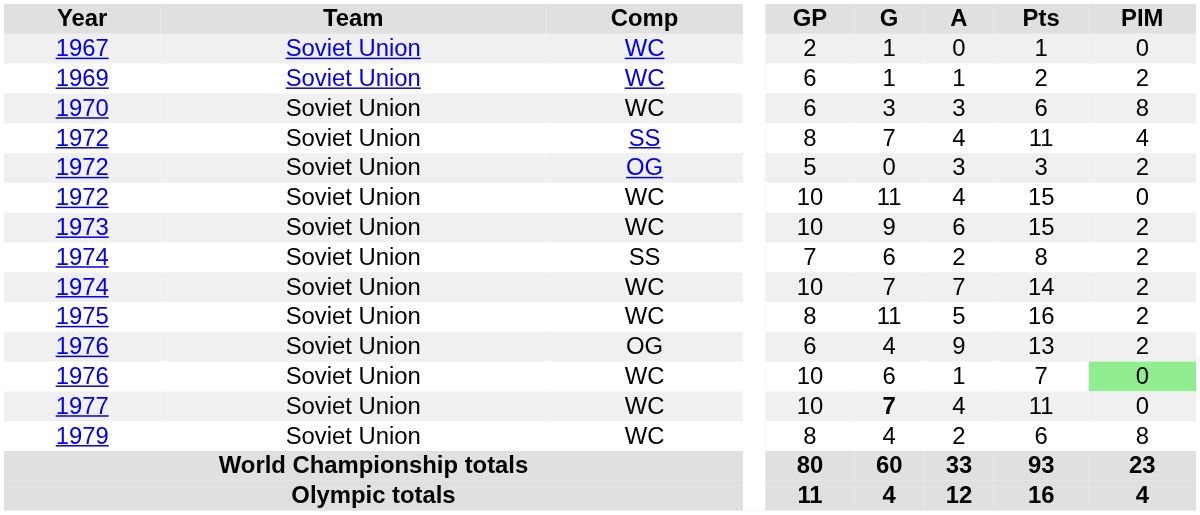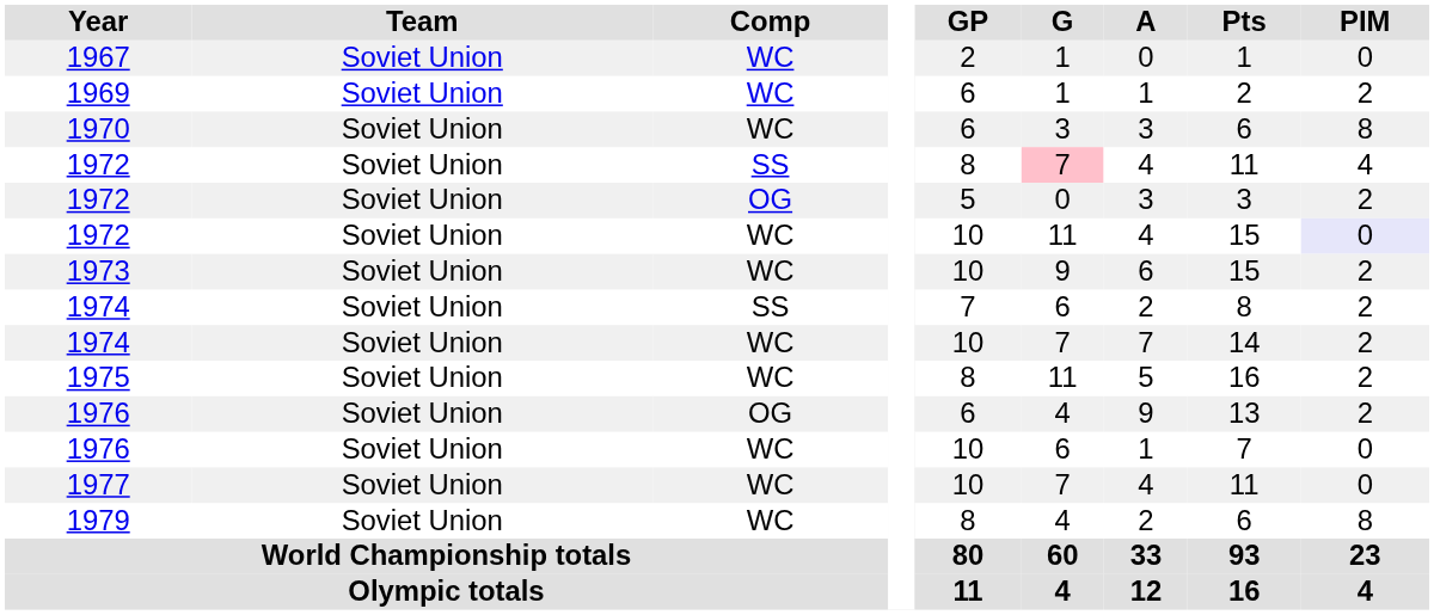 <table border="0" cellpadding="1" cellspacing="0" style="text-align:center; width:50em">
 <tr bgcolor="#e0e0e0">
 <th>Year</th>
 <th>Team</th>
 <th>Comp</th>
 <th rowspan="99" bgcolor="#ffffff"> </th>
 <th>GP</th>
 <th>G</th>
 <th>A</th>
 <th>Pts</th>
 <th>PIM</th>
 </tr>
 <tr bgcolor="#f0f0f0">
 <td><a href='#'>1967</a></td>
 <td><a href='#'>Soviet Union</a></td>
 <td><a href='#'>WC</a></td>
 <td>2</td>
 <td>1</td>
 <td>0</td>
 <td>1</td>
 <td>0</td>
 </tr>
 <tr>
 <td><a href='#'>1969</a></td>
 <td><a href='#'>Soviet Union</a></td>
 <td><a href='#'>WC</a></td>
 <td>6</td>
 <td>1</td>
 <td>1</td>
 <td>2</td>
 <td>2</td>
 </tr>
 <tr bgcolor="#f0f0f0">
 <td><a href='#'>1970</a></td>
 <td>Soviet Union</td>
 <td>WC</td>
 <td>6</td>
 <td>3</td>
 <td>3</td>
 <td>6</td>
 <td>8</td>
 </tr>
 <tr>
 <td><a href='#'>1972</a></td>
 <td>Soviet Union</td>
 <td><a href='#'>SS</a></td>
 <td>8</td>
-<td>7</td>
+<td style="background: pink;">7</td>
 <td>4</td>
 <td>11</td>
 <td>4</td>
 </tr>
 <tr bgcolor="#f0f0f0">
 <td><a href='#'>1972</a></td>
 <td>Soviet Union</td>
 <td><a href='#'>OG</a></td>
 <td>5</td>
 <td>0</td>
 <td>3</td>
 <td>3</td>
 <td>2</td>
 </tr>
 <tr>
 <td><a href='#'>1972</a></td>
 <td>Soviet Union</td>
 <td>WC</td>
 <td>10</td>
 <td>11</td>
 <td>4</td>
 <td>15</td>
-<td>0</td>
+<td style="background: lavender;">0</td>
 </tr>
 <tr bgcolor="#f0f0f0">
 <td><a href='#'>1973</a></td>
 <td>Soviet Union</td>
 <td>WC</td>
 <td>10</td>
 <td>9</td>
 <td>6</td>
 <td>15</td>
 <td>2</td>
 </tr>
 <tr>
 <td><a href='#'>1974</a></td>
 <td>Soviet Union</td>
 <td>SS</td>
 <td>7</td>
 <td>6</td>
 <td>2</td>
 <td>8</td>
 <td>2</td>
 </tr>
 <tr bgcolor="#f0f0f0">
 <td><a href='#'>1974</a></td>
 <td>Soviet Union</td>
 <td>WC</td>
 <td>10</td>
 <td>7</td>
 <td>7</td>
 <td>14</td>
 <td>2</td>
 </tr>
 <tr>
 <td><a href='#'>1975</a></td>
 <td>Soviet Union</td>
 <td>WC</td>
 <td>8</td>
 <td>11</td>
 <td>5</td>
 <td>16</td>
 <td>2</td>
 </tr>
 <tr bgcolor="#f0f0f0">
 <td><a href='#'>1976</a></td>
 <td>Soviet Union</td>
 <td>OG</td>
 <td>6</td>
 <td>4</td>
 <td>9</td>
 <td>13</td>
 <td>2</td>
 </tr>
 <tr>
 <td><a href='#'>1976</a></td>
 <td>Soviet Union</td>
 <td>WC</td>
 <td>10</td>
 <td>6</td>
 <td>1</td>
 <td>7</td>
-<td style="background: lightgreen;">0</td>
+<td>0</td>
 </tr>
 <tr bgcolor="#f0f0f0">
 <td><a href='#'>1977</a></td>
 <td>Soviet Union</td>
 <td>WC</td>
 <td>10</td>
-<td><strong>7</strong></td>
+<td>7</td>
 <td>4</td>
 <td>11</td>
 <td>0</td>
 </tr>
 <tr>
 <td><a href='#'>1979</a></td>
 <td>Soviet Union</td>
 <td>WC</td>
 <td>8</td>
 <td>4</td>
 <td>2</td>
 <td>6</td>
 <td>8</td>
 </tr>
 <tr bgcolor="#e0e0e0">
 <th colspan="3">World Championship totals</th>
 <th>80</th>
 <th>60</th>
 <th>33</th>
 <th>93</th>
 <th>23</th>
 </tr>
 <tr bgcolor="#e0e0e0">
 <th colspan="3">Olympic totals</th>
 <th>11</th>
 <th>4</th>
 <th>12</th>
 <th>16</th>
 <th>4</th>
 </tr>
 <tr>
 </tr>
 </table>
